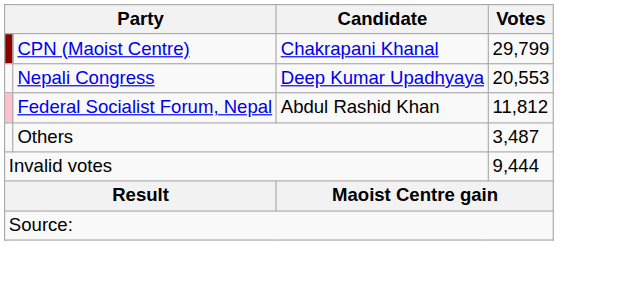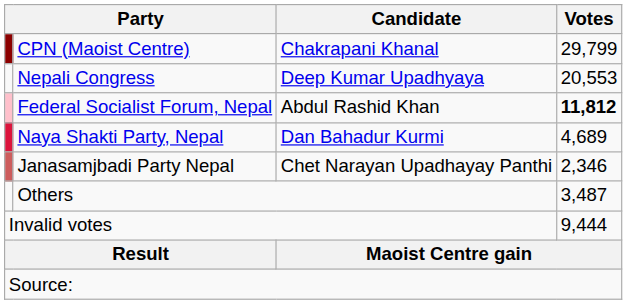 <table class="wikitable">
 <tr>
 <th colspan="2">Party</th>
 <th>Candidate</th>
 <th>Votes</th>
 </tr>
 <tr>
 <td style="background-color:darkred"></td>
 <td><a href='#'>CPN (Maoist Centre)</a></td>
 <td><a href='#'>Chakrapani Khanal</a></td>
 <td>29,799</td>
 </tr>
 <tr>
 <td style="background-color:"></td>
 <td><a href='#'>Nepali Congress</a></td>
 <td><a href='#'>Deep Kumar Upadhyaya</a></td>
 <td>20,553</td>
 </tr>
 <tr>
 <td style="background-color:pink"></td>
 <td><a href='#'>Federal Socialist Forum, Nepal</a></td>
 <td>Abdul Rashid Khan</td>
-<td>11,812</td>
+<td><strong>11,812</strong></td>
+</tr>
+<tr>
+<td style="background-color:crimson"></td>
+<td><a href='#'>Naya Shakti Party, Nepal</a></td>
+<td><a href='#'>Dan Bahadur Kurmi</a></td>
+<td>4,689</td>
+</tr>
+<tr>
+<td style="background-color:indianred"></td>
+<td>Janasamjbadi Party Nepal</td>
+<td>Chet Narayan Upadhayay Panthi</td>
+<td>2,346</td>
 </tr>
 <tr>
 <td></td>
 <td colspan="2">Others</td>
 <td>3,487</td>
 </tr>
 <tr>
 <td colspan="3">Invalid votes</td>
 <td>9,444</td>
 </tr>
 <tr>
 <th colspan="2">Result</th>
 <th colspan="2">Maoist Centre gain</th>
 </tr>
 <tr>
 <td colspan="4">Source: </td>
 </tr>
 </table>
